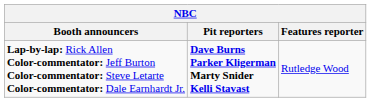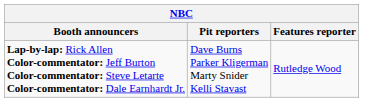 <table class="wikitable" style="font-size: 95%">
 <tr>
 <th colspan="3"><a href='#'>NBC</a></th>
 </tr>
 <tr>
 <th>Booth announcers</th>
 <th>Pit reporters</th>
 <th>Features reporter</th>
 </tr>
 <tr>
 <td><strong>Lap-by-lap:</strong> <a href='#'>Rick Allen</a><br><strong>Color-commentator:</strong> <a href='#'>Jeff Burton</a><br><strong>Color-commentator:</strong> <a href='#'>Steve Letarte</a><br><strong>Color-commentator:</strong> <a href='#'>Dale Earnhardt Jr.</a></td>
-<td><strong><a href='#'>Dave Burns</a><br><a href='#'>Parker Kligerman</a><br>Marty Snider<br><a href='#'>Kelli Stavast</a></strong></td>
+<td><a href='#'>Dave Burns</a><br><a href='#'>Parker Kligerman</a><br>Marty Snider<br><a href='#'>Kelli Stavast</a></td>
 <td><a href='#'>Rutledge Wood</a></td>
 </tr>
 </table>
